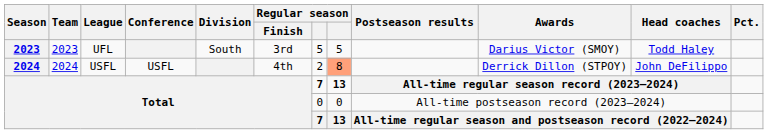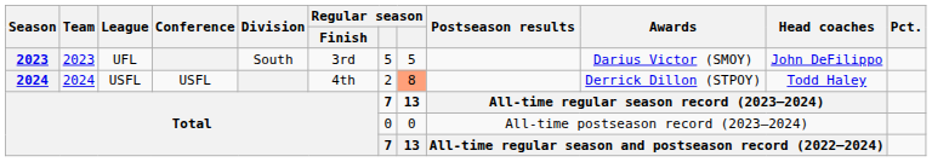 <table class="wikitable" style="text-align:center">
 <tr>
 <th rowspan="2">Season</th>
 <th rowspan="2">Team</th>
 <th rowspan="2">League</th>
 <th rowspan="2">Conference</th>
 <th rowspan="2">Division</th>
 <th colspan="3">Regular season</th>
 <th rowspan="2">Postseason results</th>
 <th rowspan="2">Awards</th>
 <th rowspan="2">Head coaches</th>
 <th rowspan="2">Pct.</th>
 </tr>
 <tr>
 <th>Finish</th>
 <th></th>
 <th></th>
 </tr>
 <tr>
 <th><a href='#'>2023</a></th>
 <td><a href='#'>2023</a></td>
 <td>UFL</td>
 <th></th>
 <td>South</td>
 <td>3rd</td>
 <td bgcolor=>5</td>
 <td bgcolor=>5</td>
 <td bgcolor=></td>
 <td><a href='#'>Darius Victor</a> (SMOY)</td>
-<td><a href='#'>Todd Haley</a></td>
+<td><a href='#'>John DeFilippo</a></td>
 <td></td>
 </tr>
 <tr>
 <th><a href='#'>2024</a></th>
 <td><a href='#'>2024</a></td>
 <td>USFL</td>
 <td>USFL</td>
 <th></th>
 <td bgcolor=>4th</td>
 <td>2</td>
 <td style="background: lightsalmon;">8</td>
 <td></td>
 <td><a href='#'>Derrick Dillon</a> (STPOY)</td>
-<td><a href='#'>John DeFilippo</a></td>
+<td><a href='#'>Todd Haley</a></td>
 <td></td>
 </tr>
 <tr>
 <th rowspan="3" colspan="6">Total</th>
 <td><strong>7</strong></td>
 <td><strong>13</strong></td>
 <th colspan="3">All-time regular season record (2023–2024)</th>
 <td></td>
 </tr>
 <tr>
 <td>0</td>
 <td>0</td>
 <td colspan="3">All-time postseason record (2023–2024)</td>
 <td></td>
 </tr>
 <tr>
 <th>7</th>
 <th>13</th>
 <th colspan="3">All-time regular season and postseason record (2022–2024)</th>
 <td></td>
 </tr>
 </table>
